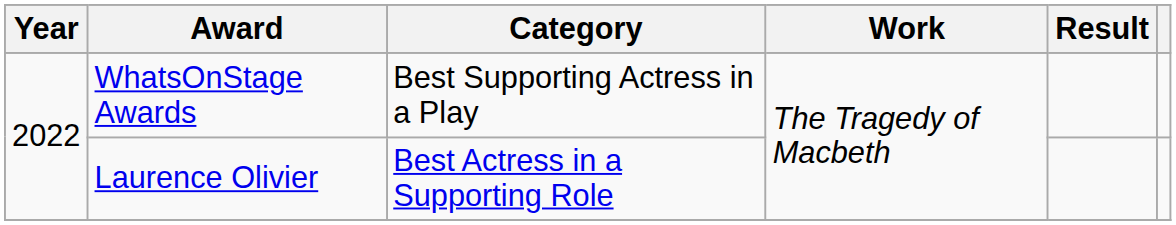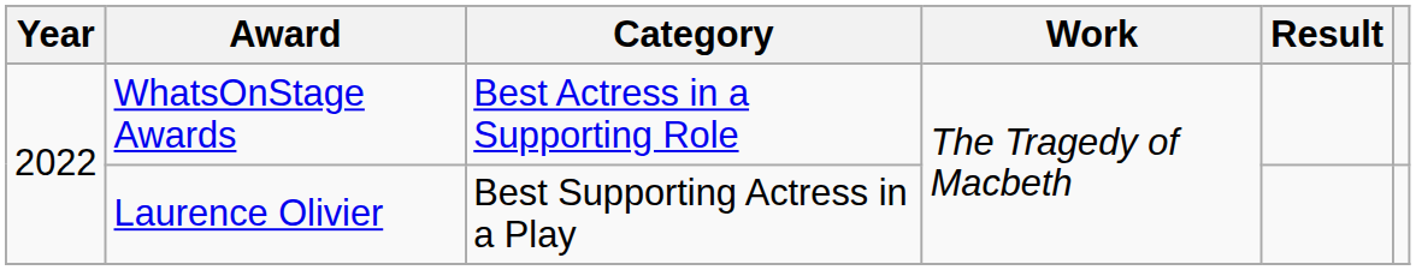 <table class="wikitable plainrowheaders">
 <tr>
 <th>Year</th>
 <th>Award</th>
 <th>Category</th>
 <th>Work</th>
 <th>Result</th>
 <th></th>
 </tr>
 <tr>
 <td rowspan="2">2022</td>
 <td><a href='#'>WhatsOnStage Awards</a></td>
-<td>Best Supporting Actress in a Play</td>
+<td><a href='#'>Best Actress in a Supporting Role</a></td>
 <td rowspan="2"><em>The Tragedy of Macbeth</em></td>
 <td></td>
 <td></td>
 </tr>
 <tr>
 <td><a href='#'>Laurence Olivier</a></td>
-<td><a href='#'>Best Actress in a Supporting Role</a></td>
+<td>Best Supporting Actress in a Play</td>
 <td></td>
 <td></td>
 </tr>
 <tr>
 </tr>
 </table>
